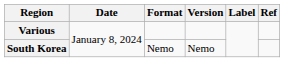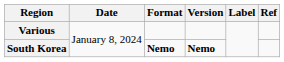 <table class="wikitable plainrowheaders">
 <tr>
 <th scope="col">Region</th>
 <th scope="col">Date</th>
 <th scope="col">Format</th>
 <th scope="col">Version</th>
 <th scope="col">Label</th>
 <th scope="col">Ref</th>
 </tr>
 <tr>
 <th scope="row">Various</th>
 <td rowspan="2">January 8, 2024</td>
 <td></td>
 <td></td>
 <td rowspan="2"></td>
 <td style="text-align:center"></td>
 </tr>
 <tr>
 <th scope="row">South Korea</th>
-<td>Nemo</td>
-<td>Nemo</td>
+<td><strong>Nemo</strong></td>
+<td><strong>Nemo</strong></td>
 <td style="text-align:center"></td>
 </tr>
 </table>
